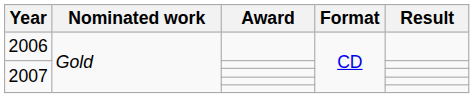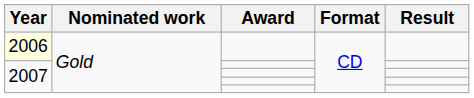 <table class="wikitable">
 <tr>
 <th style="width:32px;">Year</th>
 <th style="width:147px;">Nominated work</th>
 <th style="width:77px;">Award</th>
 <th style="width:57px;">Format</th>
 <th style="width:69px;">Result</th>
 </tr>
 <tr>
-<td>2006</td>
+<td style="background: lightyellow;">2006</td>
 <td rowspan="5"><em>Gold</em></td>
 <td></td>
 <td rowspan="5" style="text-align:center;"><a href='#'>CD</a></td>
 <td></td>
 </tr>
 <tr>
 <td rowspan="4">2007</td>
 <td></td>
 <td></td>
 </tr>
 <tr>
 <td></td>
 <td></td>
 </tr>
 <tr>
 <td></td>
 <td></td>
 </tr>
 <tr>
 <td></td>
 <td></td>
 </tr>
 </table>
